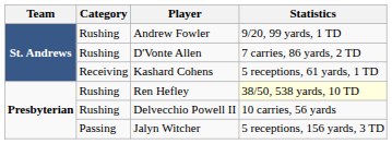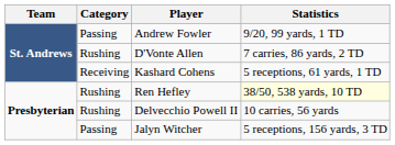 <table class="wikitable">
 <tr>
 <th>Team</th>
 <th>Category</th>
 <th>Player</th>
 <th>Statistics</th>
 </tr>
 <tr>
 <td rowspan=3 style="background:#385988; color:#ffffff; text-align:center;"><strong>St. Andrews</strong></td>
-<td>Rushing</td>
+<td>Passing</td>
 <td>Andrew Fowler</td>
 <td>9/20, 99 yards, 1 TD</td>
 </tr>
 <tr>
 <td>Rushing</td>
 <td>D'Vonte Allen</td>
 <td>7 carries, 86 yards, 2 TD</td>
 </tr>
 <tr>
 <td>Receiving</td>
 <td>Kashard Cohens</td>
 <td>5 receptions, 61 yards, 1 TD</td>
 </tr>
 <tr>
 <td rowspan=3><strong>Presbyterian</strong></td>
 <td>Rushing</td>
 <td>Ren Hefley</td>
 <td style="background: lightyellow;">38/50, 538 yards, 10 TD</td>
 </tr>
 <tr>
 <td>Rushing</td>
 <td>Delvecchio Powell II</td>
 <td>10 carries, 56 yards</td>
 </tr>
 <tr>
 <td>Passing</td>
 <td>Jalyn Witcher</td>
 <td>5 receptions, 156 yards, 3 TD</td>
 </tr>
 </table>
